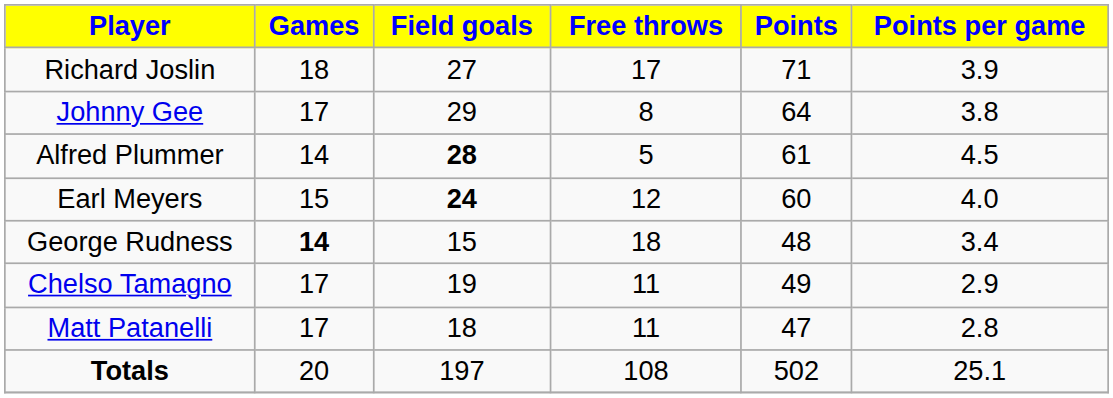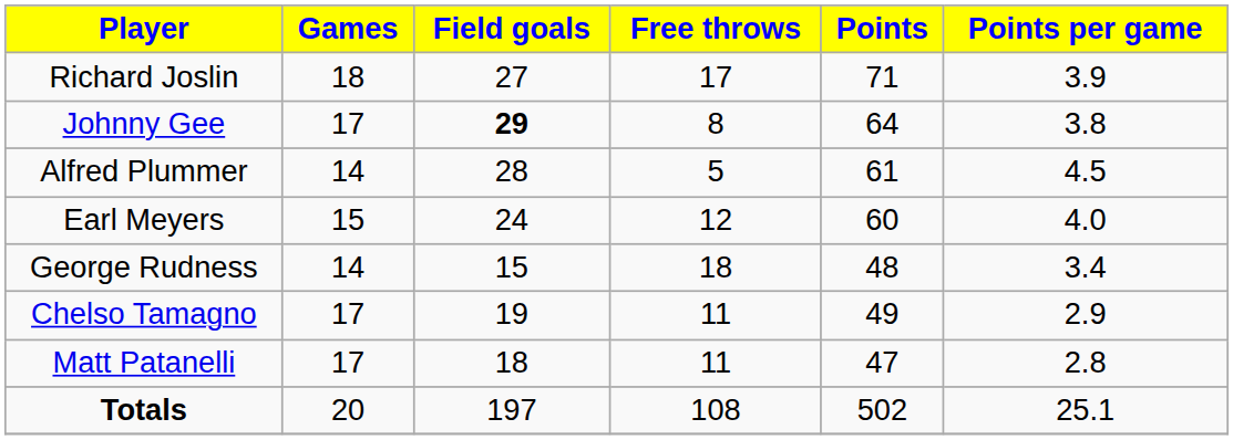 <table class="wikitable" width="650">
 <tr align="center"  style="background:yellow;color:blue;">
 <td><strong>Player</strong></td>
 <td><strong>Games</strong></td>
 <td><strong>Field goals</strong></td>
 <td><strong>Free throws</strong></td>
 <td><strong>Points</strong></td>
 <td><strong>Points per game</strong></td>
 </tr>
 <tr align="center" bgcolor="">
 <td>Richard Joslin</td>
 <td>18</td>
 <td>27</td>
 <td>17</td>
 <td>71</td>
 <td>3.9</td>
 </tr>
 <tr align="center" bgcolor="">
 <td><a href='#'>Johnny Gee</a></td>
 <td>17</td>
-<td>29</td>
+<td><strong>29</strong></td>
 <td>8</td>
 <td>64</td>
 <td>3.8</td>
 </tr>
 <tr align="center" bgcolor="">
 <td>Alfred Plummer</td>
 <td>14</td>
-<td><strong>28</strong></td>
+<td>28</td>
 <td>5</td>
 <td>61</td>
 <td>4.5</td>
 </tr>
 <tr align="center" bgcolor="">
 <td>Earl Meyers</td>
 <td>15</td>
-<td><strong>24</strong></td>
+<td>24</td>
 <td>12</td>
 <td>60</td>
 <td>4.0</td>
 </tr>
 <tr align="center" bgcolor="">
 <td>George Rudness</td>
-<td><strong>14</strong></td>
+<td>14</td>
 <td>15</td>
 <td>18</td>
 <td>48</td>
 <td>3.4</td>
 </tr>
 <tr align="center" bgcolor="">
 <td><a href='#'>Chelso Tamagno</a></td>
 <td>17</td>
 <td>19</td>
 <td>11</td>
 <td>49</td>
 <td>2.9</td>
 </tr>
 <tr align="center" bgcolor="">
 <td><a href='#'>Matt Patanelli</a></td>
 <td>17</td>
 <td>18</td>
 <td>11</td>
 <td>47</td>
 <td>2.8</td>
 </tr>
 <tr align="center" bgcolor="">
 <td><strong>Totals</strong></td>
 <td>20</td>
 <td>197</td>
 <td>108</td>
 <td>502</td>
 <td>25.1</td>
 </tr>
 <tr align="center" bgcolor="">
 </tr>
 </table>
